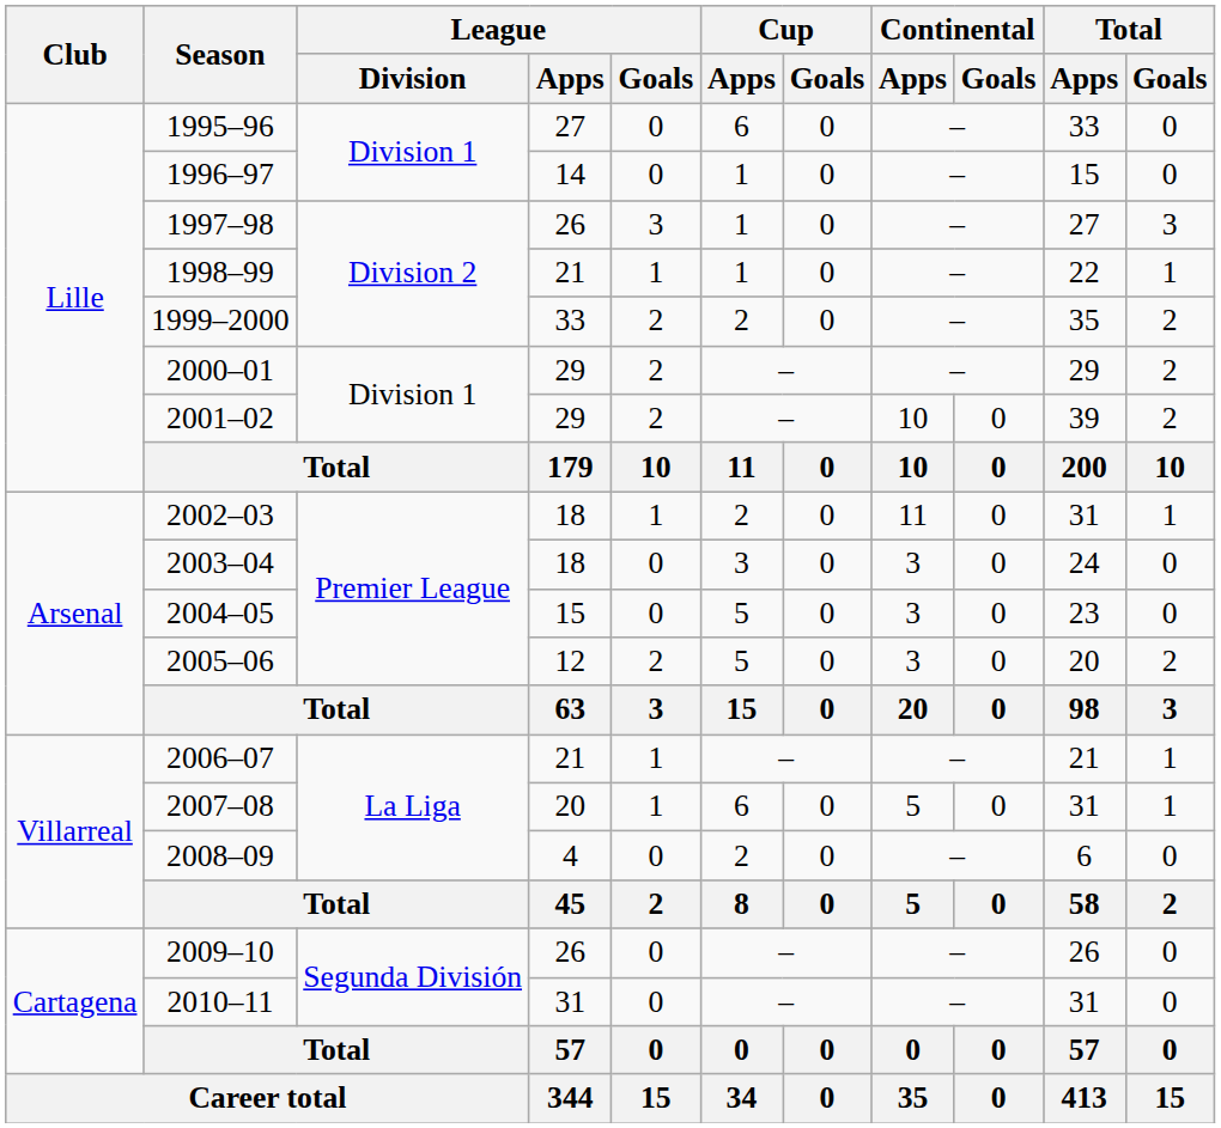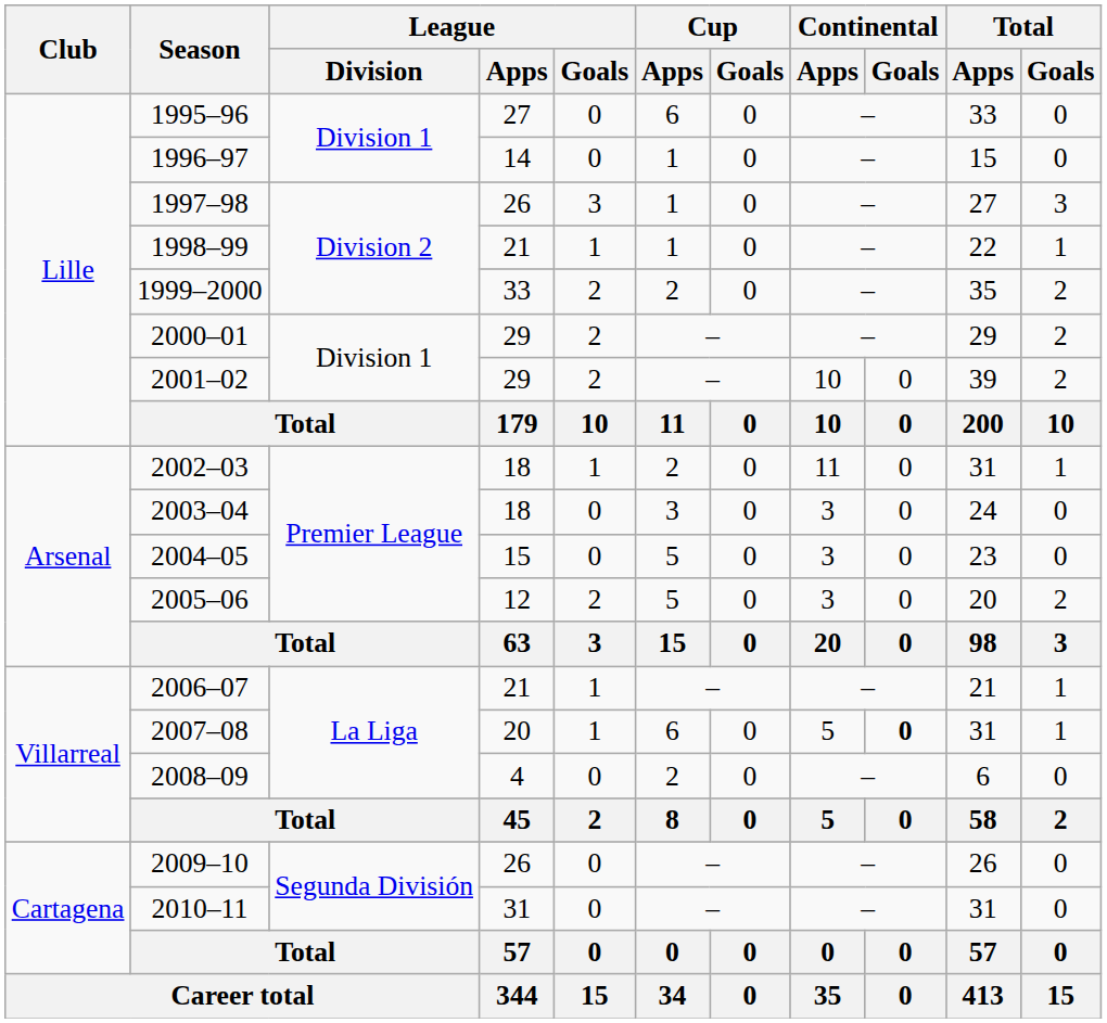 <table class="wikitable" style="text-align:center">
 <tr>
 <th rowspan="2">Club</th>
 <th rowspan="2">Season</th>
 <th colspan="3">League</th>
 <th colspan="2">Cup</th>
 <th colspan="2">Continental</th>
 <th colspan="2">Total</th>
 </tr>
 <tr>
 <th>Division</th>
 <th>Apps</th>
 <th>Goals</th>
 <th>Apps</th>
 <th>Goals</th>
 <th>Apps</th>
 <th>Goals</th>
 <th>Apps</th>
 <th>Goals</th>
 </tr>
 <tr>
 <td rowspan="8"><a href='#'>Lille</a></td>
 <td>1995–96</td>
 <td rowspan="2"><a href='#'>Division 1</a></td>
 <td>27</td>
 <td>0</td>
 <td>6</td>
 <td>0</td>
 <td colspan="2">–</td>
 <td>33</td>
 <td>0</td>
 </tr>
 <tr>
 <td>1996–97</td>
 <td>14</td>
 <td>0</td>
 <td>1</td>
 <td>0</td>
 <td colspan="2">–</td>
 <td>15</td>
 <td>0</td>
 </tr>
 <tr>
 <td>1997–98</td>
 <td rowspan="3"><a href='#'>Division 2</a></td>
 <td>26</td>
 <td>3</td>
 <td>1</td>
 <td>0</td>
 <td colspan="2">–</td>
 <td>27</td>
 <td>3</td>
 </tr>
 <tr>
 <td>1998–99</td>
 <td>21</td>
 <td>1</td>
 <td>1</td>
 <td>0</td>
 <td colspan="2">–</td>
 <td>22</td>
 <td>1</td>
 </tr>
 <tr>
 <td>1999–2000</td>
 <td>33</td>
 <td>2</td>
 <td>2</td>
 <td>0</td>
 <td colspan="2">–</td>
 <td>35</td>
 <td>2</td>
 </tr>
 <tr>
 <td>2000–01</td>
 <td rowspan="2">Division 1</td>
 <td>29</td>
 <td>2</td>
 <td colspan="2">–</td>
 <td colspan="2">–</td>
 <td>29</td>
 <td>2</td>
 </tr>
 <tr>
 <td>2001–02</td>
 <td>29</td>
 <td>2</td>
 <td colspan="2">–</td>
 <td>10</td>
 <td>0</td>
 <td>39</td>
 <td>2</td>
 </tr>
 <tr>
 <th colspan="2">Total</th>
 <th>179</th>
 <th>10</th>
 <th>11</th>
 <th>0</th>
 <th>10</th>
 <th>0</th>
 <th>200</th>
 <th>10</th>
 </tr>
 <tr>
 <td rowspan="5"><a href='#'>Arsenal</a></td>
 <td>2002–03</td>
 <td rowspan="4"><a href='#'>Premier League</a></td>
 <td>18</td>
 <td>1</td>
 <td>2</td>
 <td>0</td>
 <td>11</td>
 <td>0</td>
 <td>31</td>
 <td>1</td>
 </tr>
 <tr>
 <td>2003–04</td>
 <td>18</td>
 <td>0</td>
 <td>3</td>
 <td>0</td>
 <td>3</td>
 <td>0</td>
 <td>24</td>
 <td>0</td>
 </tr>
 <tr>
 <td>2004–05</td>
 <td>15</td>
 <td>0</td>
 <td>5</td>
 <td>0</td>
 <td>3</td>
 <td>0</td>
 <td>23</td>
 <td>0</td>
 </tr>
 <tr>
 <td>2005–06</td>
 <td>12</td>
 <td>2</td>
 <td>5</td>
 <td>0</td>
 <td>3</td>
 <td>0</td>
 <td>20</td>
 <td>2</td>
 </tr>
 <tr>
 <th colspan="2">Total</th>
 <th>63</th>
 <th>3</th>
 <th>15</th>
 <th>0</th>
 <th>20</th>
 <th>0</th>
 <th>98</th>
 <th>3</th>
 </tr>
 <tr>
 <td rowspan="4"><a href='#'>Villarreal</a></td>
 <td>2006–07</td>
 <td rowspan="3"><a href='#'>La Liga</a></td>
 <td>21</td>
 <td>1</td>
 <td colspan="2">–</td>
 <td colspan="2">–</td>
 <td>21</td>
 <td>1</td>
 </tr>
 <tr>
 <td>2007–08</td>
 <td>20</td>
 <td>1</td>
 <td>6</td>
 <td>0</td>
 <td>5</td>
-<td>0</td>
+<td><strong>0</strong></td>
 <td>31</td>
 <td>1</td>
 </tr>
 <tr>
 <td>2008–09</td>
 <td>4</td>
 <td>0</td>
 <td>2</td>
 <td>0</td>
 <td colspan="2">–</td>
 <td>6</td>
 <td>0</td>
 </tr>
 <tr>
 <th colspan="2">Total</th>
 <th>45</th>
 <th>2</th>
 <th>8</th>
 <th>0</th>
 <th>5</th>
 <th>0</th>
 <th>58</th>
 <th>2</th>
 </tr>
 <tr>
 <td rowspan="3"><a href='#'>Cartagena</a></td>
 <td>2009–10</td>
 <td rowspan="2"><a href='#'>Segunda División</a></td>
 <td>26</td>
 <td>0</td>
 <td colspan="2">–</td>
 <td colspan="2">–</td>
 <td>26</td>
 <td>0</td>
 </tr>
 <tr>
 <td>2010–11</td>
 <td>31</td>
 <td>0</td>
 <td colspan="2">–</td>
 <td colspan="2">–</td>
 <td>31</td>
 <td>0</td>
 </tr>
 <tr>
 <th colspan="2">Total</th>
 <th>57</th>
 <th>0</th>
 <th>0</th>
 <th>0</th>
 <th>0</th>
 <th>0</th>
 <th>57</th>
 <th>0</th>
 </tr>
 <tr>
 <th colspan="3">Career total</th>
 <th>344</th>
 <th>15</th>
 <th>34</th>
 <th>0</th>
 <th>35</th>
 <th>0</th>
 <th>413</th>
 <th>15</th>
 </tr>
 </table>
